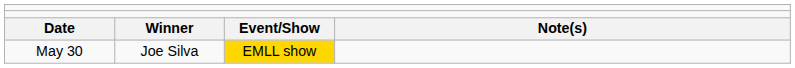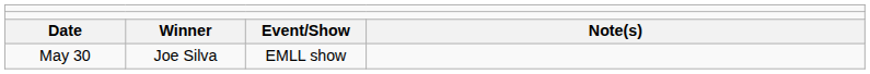 <table class="wikitable" style="text-align:center; width:100%;">
 <tr>
 <td colspan="5"></td>
 </tr>
 <tr>
 <td colspan="5"><strong></strong></td>
 </tr>
 <tr>
 <th width=14%>Date</th>
 <th width=14%>Winner</th>
 <th width=14%>Event/Show</th>
 <th width=58%>Note(s)</th>
 </tr>
 <tr>
 <td>May 30</td>
 <td>Joe Silva</td>
-<td style="background: gold;">EMLL show</td>
+<td>EMLL show</td>
 <td align=left></td>
 </tr>
 </table>
